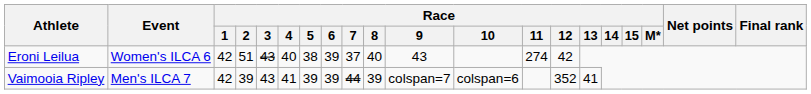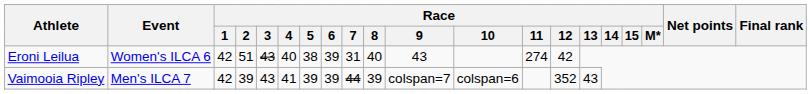 <table class="wikitable" style="font-size:90%">
 <tr>
 <th rowspan="2">Athlete</th>
 <th rowspan="2">Event</th>
 <th colspan=16>Race</th>
 <th rowspan=2>Net points</th>
 <th rowspan=2>Final rank</th>
 </tr>
 <tr style="font-size:95%">
 <th>1</th>
 <th>2</th>
 <th>3</th>
 <th>4</th>
 <th>5</th>
 <th>6</th>
 <th>7</th>
 <th>8</th>
 <th>9</th>
 <th>10</th>
 <th>11</th>
 <th>12</th>
 <th>13</th>
 <th>14</th>
 <th>15</th>
 <th>M*</th>
 </tr>
 <tr align=center>
 <td align=left><a href='#'>Eroni Leilua</a></td>
 <td align=left><a href='#'>Women's ILCA 6</a></td>
 <td>42</td>
 <td>51</td>
 <td><s>43</s></td>
 <td>40</td>
 <td>38</td>
 <td>39</td>
-<td>37</td>
+<td>31</td>
 <td>40</td>
 <td>43</td>
 <td></td>
 <td>274</td>
 <td>42</td>
 </tr>
 <tr align=center>
 <td align=left><a href='#'>Vaimooia Ripley</a></td>
 <td align=left><a href='#'>Men's ILCA 7</a></td>
 <td>42</td>
 <td>39</td>
 <td>43</td>
 <td>41</td>
 <td>39</td>
 <td>39</td>
 <td><s>44</s></td>
 <td>39</td>
 <td>colspan=7 </td>
 <td>colspan=6 </td>
 <td></td>
 <td>352</td>
-<td>41</td>
+<td>43</td>
 </tr>
 </table>
